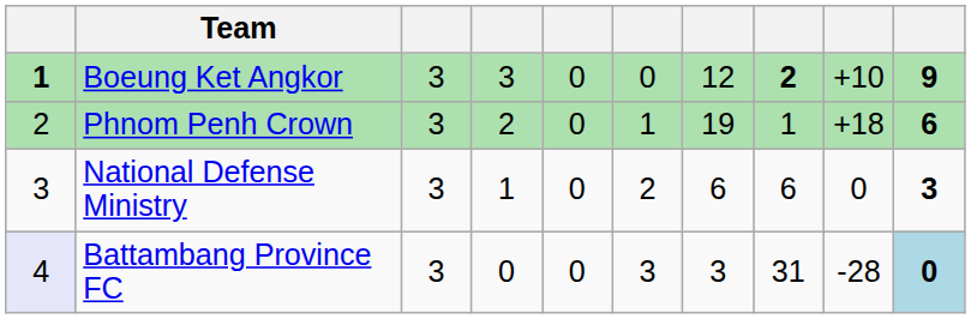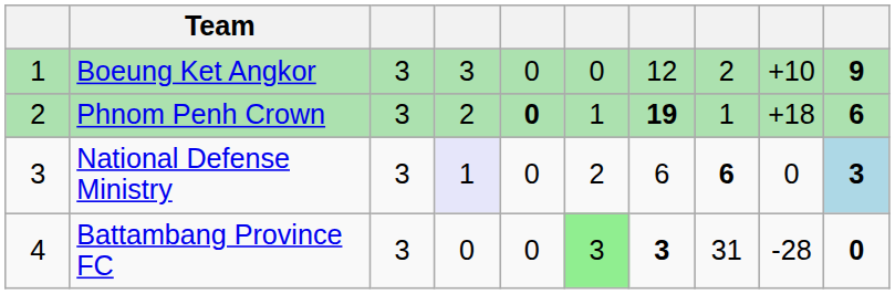 <table class="wikitable" style="text-align: center;">
 <tr>
 <th width=30></th>
 <th width=165>Team</th>
 <th width=30></th>
 <th width=30></th>
 <th width=30></th>
 <th width=30></th>
 <th width=30></th>
 <th width=30></th>
 <th width=30></th>
 <th width=30></th>
 </tr>
 <tr style="background:#ace1af;">
-<td><strong>1</strong></td>
+<td>1</td>
 <td align=left><a href='#'>Boeung Ket Angkor</a></td>
 <td>3</td>
 <td>3</td>
 <td>0</td>
 <td>0</td>
 <td>12</td>
-<td><strong>2</strong></td>
+<td>2</td>
 <td>+10</td>
 <td><strong>9</strong></td>
 </tr>
 <tr style="background:#ace1af;">
 <td>2</td>
 <td align=left><a href='#'>Phnom Penh Crown</a></td>
 <td>3</td>
 <td>2</td>
-<td>0</td>
+<td><strong>0</strong></td>
 <td>1</td>
-<td>19</td>
+<td><strong>19</strong></td>
 <td>1</td>
 <td>+18</td>
 <td><strong>6</strong></td>
 </tr>
 <tr>
 <td>3</td>
 <td align=left><a href='#'>National Defense Ministry</a></td>
 <td>3</td>
-<td>1</td>
+<td style="background: lavender;">1</td>
 <td>0</td>
 <td>2</td>
 <td>6</td>
-<td>6</td>
+<td><strong>6</strong></td>
 <td>0</td>
-<td><strong>3</strong></td>
+<td style="background: lightblue;"><strong>3</strong></td>
 </tr>
 <tr>
-<td style="background: lavender;">4</td>
+<td>4</td>
 <td align=left><a href='#'>Battambang Province FC</a></td>
 <td>3</td>
 <td>0</td>
 <td>0</td>
-<td>3</td>
-<td>3</td>
+<td style="background: lightgreen;">3</td>
+<td><strong>3</strong></td>
 <td>31</td>
 <td>-28</td>
-<td style="background: lightblue;"><strong>0</strong></td>
+<td><strong>0</strong></td>
 </tr>
 </table>
